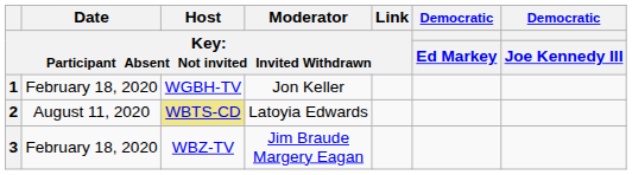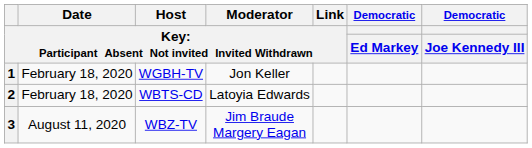 <table class="wikitable" style="text-align:center;">
 <tr>
 <th scope="col"></th>
 <th scope="col">Date</th>
 <th scope="col">Host</th>
 <th scope="col">Moderator</th>
 <th scope="col">Link</th>
 <th scope="col"><small><a href='#'>Democratic</a></small></th>
 <th scope="col"><small><a href='#'>Democratic</a></small></th>
 </tr>
 <tr>
 <th colspan="5" rowspan="2">Key:<br> <small>Participant </small>  <small>Absent </small>  <small>Not invited </small>  <small>Invited  Withdrawn</small></th>
 <th scope="col" style="background:"></th>
 <th scope="col" style="background:"></th>
 </tr>
 <tr>
 <th scope="col"><a href='#'>Ed Markey</a></th>
 <th scope="col"><a href='#'>Joe Kennedy III</a></th>
 </tr>
 <tr>
 <th>1</th>
 <td style="white-space:nowrap;">February 18, 2020</td>
 <td style="white-space:nowrap;"><a href='#'>WGBH-TV</a></td>
 <td style="white-space:nowrap;">Jon Keller</td>
 <td style="white-space:nowrap;"></td>
 <td></td>
 <td></td>
 </tr>
 <tr>
 <th>2</th>
-<td style="white-space:nowrap;">August 11, 2020</td>
-<td style="background: khaki; white-space:nowrap;"><a href='#'>WBTS-CD</a></td>
+<td style="white-space:nowrap;">February 18, 2020</td>
+<td style="white-space:nowrap;"><a href='#'>WBTS-CD</a></td>
 <td style="white-space:nowrap;">Latoyia Edwards</td>
 <td style="white-space:nowrap;"></td>
 <td></td>
 <td></td>
 </tr>
 <tr>
 <th>3</th>
-<td style="white-space:nowrap;">February 18, 2020</td>
+<td style="white-space:nowrap;">August 11, 2020</td>
 <td style="white-space:nowrap;"><a href='#'>WBZ-TV</a></td>
 <td style="white-space:nowrap;"><a href='#'>Jim Braude</a><br><a href='#'>Margery Eagan</a></td>
 <td style="white-space:nowrap;"></td>
 <td></td>
 <td></td>
 </tr>
 </table>
